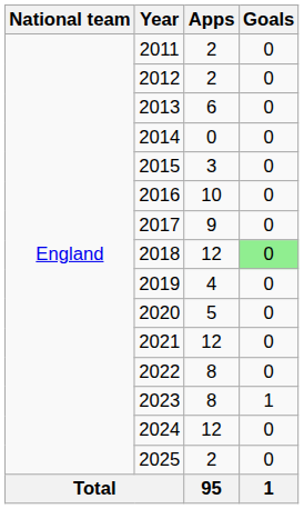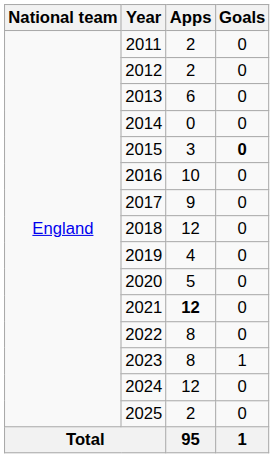 <table class="wikitable" style="text-align: center;">
 <tr>
 <th>National team</th>
 <th>Year</th>
 <th>Apps</th>
 <th>Goals</th>
 </tr>
 <tr>
 <td rowspan="15"><a href='#'>England</a></td>
 <td>2011</td>
 <td>2</td>
 <td>0</td>
 </tr>
 <tr>
 <td>2012</td>
 <td>2</td>
 <td>0</td>
 </tr>
 <tr>
 <td>2013</td>
 <td>6</td>
 <td>0</td>
 </tr>
 <tr>
 <td>2014</td>
 <td>0</td>
 <td>0</td>
 </tr>
 <tr>
 <td>2015</td>
 <td>3</td>
-<td>0</td>
+<td><strong>0</strong></td>
 </tr>
 <tr>
 <td>2016</td>
 <td>10</td>
 <td>0</td>
 </tr>
 <tr>
 <td>2017</td>
 <td>9</td>
 <td>0</td>
 </tr>
 <tr>
 <td>2018</td>
 <td>12</td>
-<td style="background: lightgreen;">0</td>
+<td>0</td>
 </tr>
 <tr>
 <td>2019</td>
 <td>4</td>
 <td>0</td>
 </tr>
 <tr>
 <td>2020</td>
 <td>5</td>
 <td>0</td>
 </tr>
 <tr>
 <td>2021</td>
-<td>12</td>
+<td><strong>12</strong></td>
 <td>0</td>
 </tr>
 <tr>
 <td>2022</td>
 <td>8</td>
 <td>0</td>
 </tr>
 <tr>
 <td>2023</td>
 <td>8</td>
 <td>1</td>
 </tr>
 <tr>
 <td>2024</td>
 <td>12</td>
 <td>0</td>
 </tr>
 <tr>
 <td>2025</td>
 <td>2</td>
 <td>0</td>
 </tr>
 <tr>
 <th colspan="2">Total</th>
 <th>95</th>
 <th>1</th>
 </tr>
 </table>
